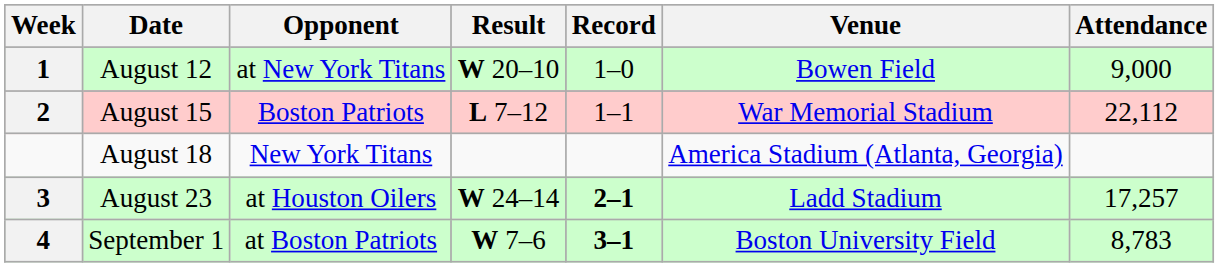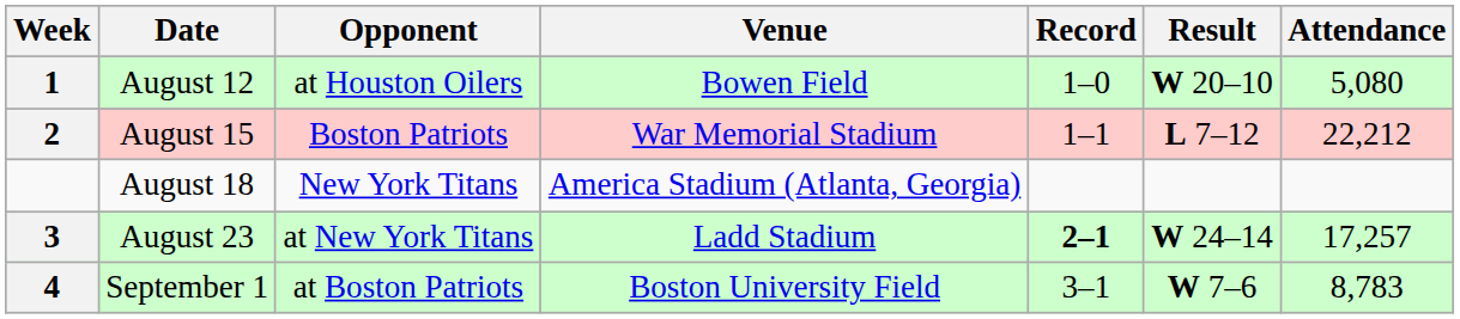 <table class="wikitable" style="text-align:center">
 <tr>
 <th>Week</th>
 <th>Date</th>
 <th>Opponent</th>
+<th>Venue</th>
+<th>Record</th>
 <th>Result</th>
-<th>Record</th>
-<th>Venue</th>
 <th>Attendance</th>
 </tr>
 <tr style="background:#cfc;">
 <th>1</th>
 <td>August 12</td>
-<td>at <a href='#'>New York Titans</a></td>
+<td>at <a href='#'>Houston Oilers</a></td>
+<td><a href='#'>Bowen Field</a></td>
+<td>1–0</td>
 <td><strong>W</strong> 20–10</td>
-<td>1–0</td>
-<td><a href='#'>Bowen Field</a></td>
-<td>9,000</td>
+<td>5,080</td>
 </tr>
 <tr style="background:#fcc">
 <th>2</th>
 <td>August 15</td>
 <td><a href='#'>Boston Patriots</a></td>
+<td><a href='#'>War Memorial Stadium</a></td>
+<td>1–1</td>
 <td><strong>L</strong> 7–12</td>
-<td>1–1</td>
-<td><a href='#'>War Memorial Stadium</a></td>
-<td>22,112</td>
+<td>22,212</td>
 </tr>
 <tr>
 <td></td>
 <td>August 18</td>
 <td><a href='#'>New York Titans</a></td>
+<td><a href='#'>America Stadium (Atlanta, Georgia)</a></td>
 <td></td>
 <td></td>
-<td><a href='#'>America Stadium (Atlanta, Georgia)</a></td>
 <td></td>
 </tr>
 <tr style="background:#cfc">
 <th>3</th>
 <td>August 23</td>
-<td>at <a href='#'>Houston Oilers</a></td>
+<td>at <a href='#'>New York Titans</a></td>
+<td><a href='#'>Ladd Stadium</a></td>
+<td><strong>2–1</strong></td>
 <td><strong>W</strong> 24–14</td>
-<td><strong>2–1</strong></td>
-<td><a href='#'>Ladd Stadium</a></td>
 <td>17,257</td>
 </tr>
 <tr style="background:#cfc">
 <th>4</th>
 <td>September 1</td>
 <td>at <a href='#'>Boston Patriots</a></td>
+<td><a href='#'>Boston University Field</a></td>
+<td>3–1</td>
 <td><strong>W</strong> 7–6</td>
-<td><strong>3–1</strong></td>
-<td><a href='#'>Boston University Field</a></td>
 <td>8,783</td>
 </tr>
 </table>
